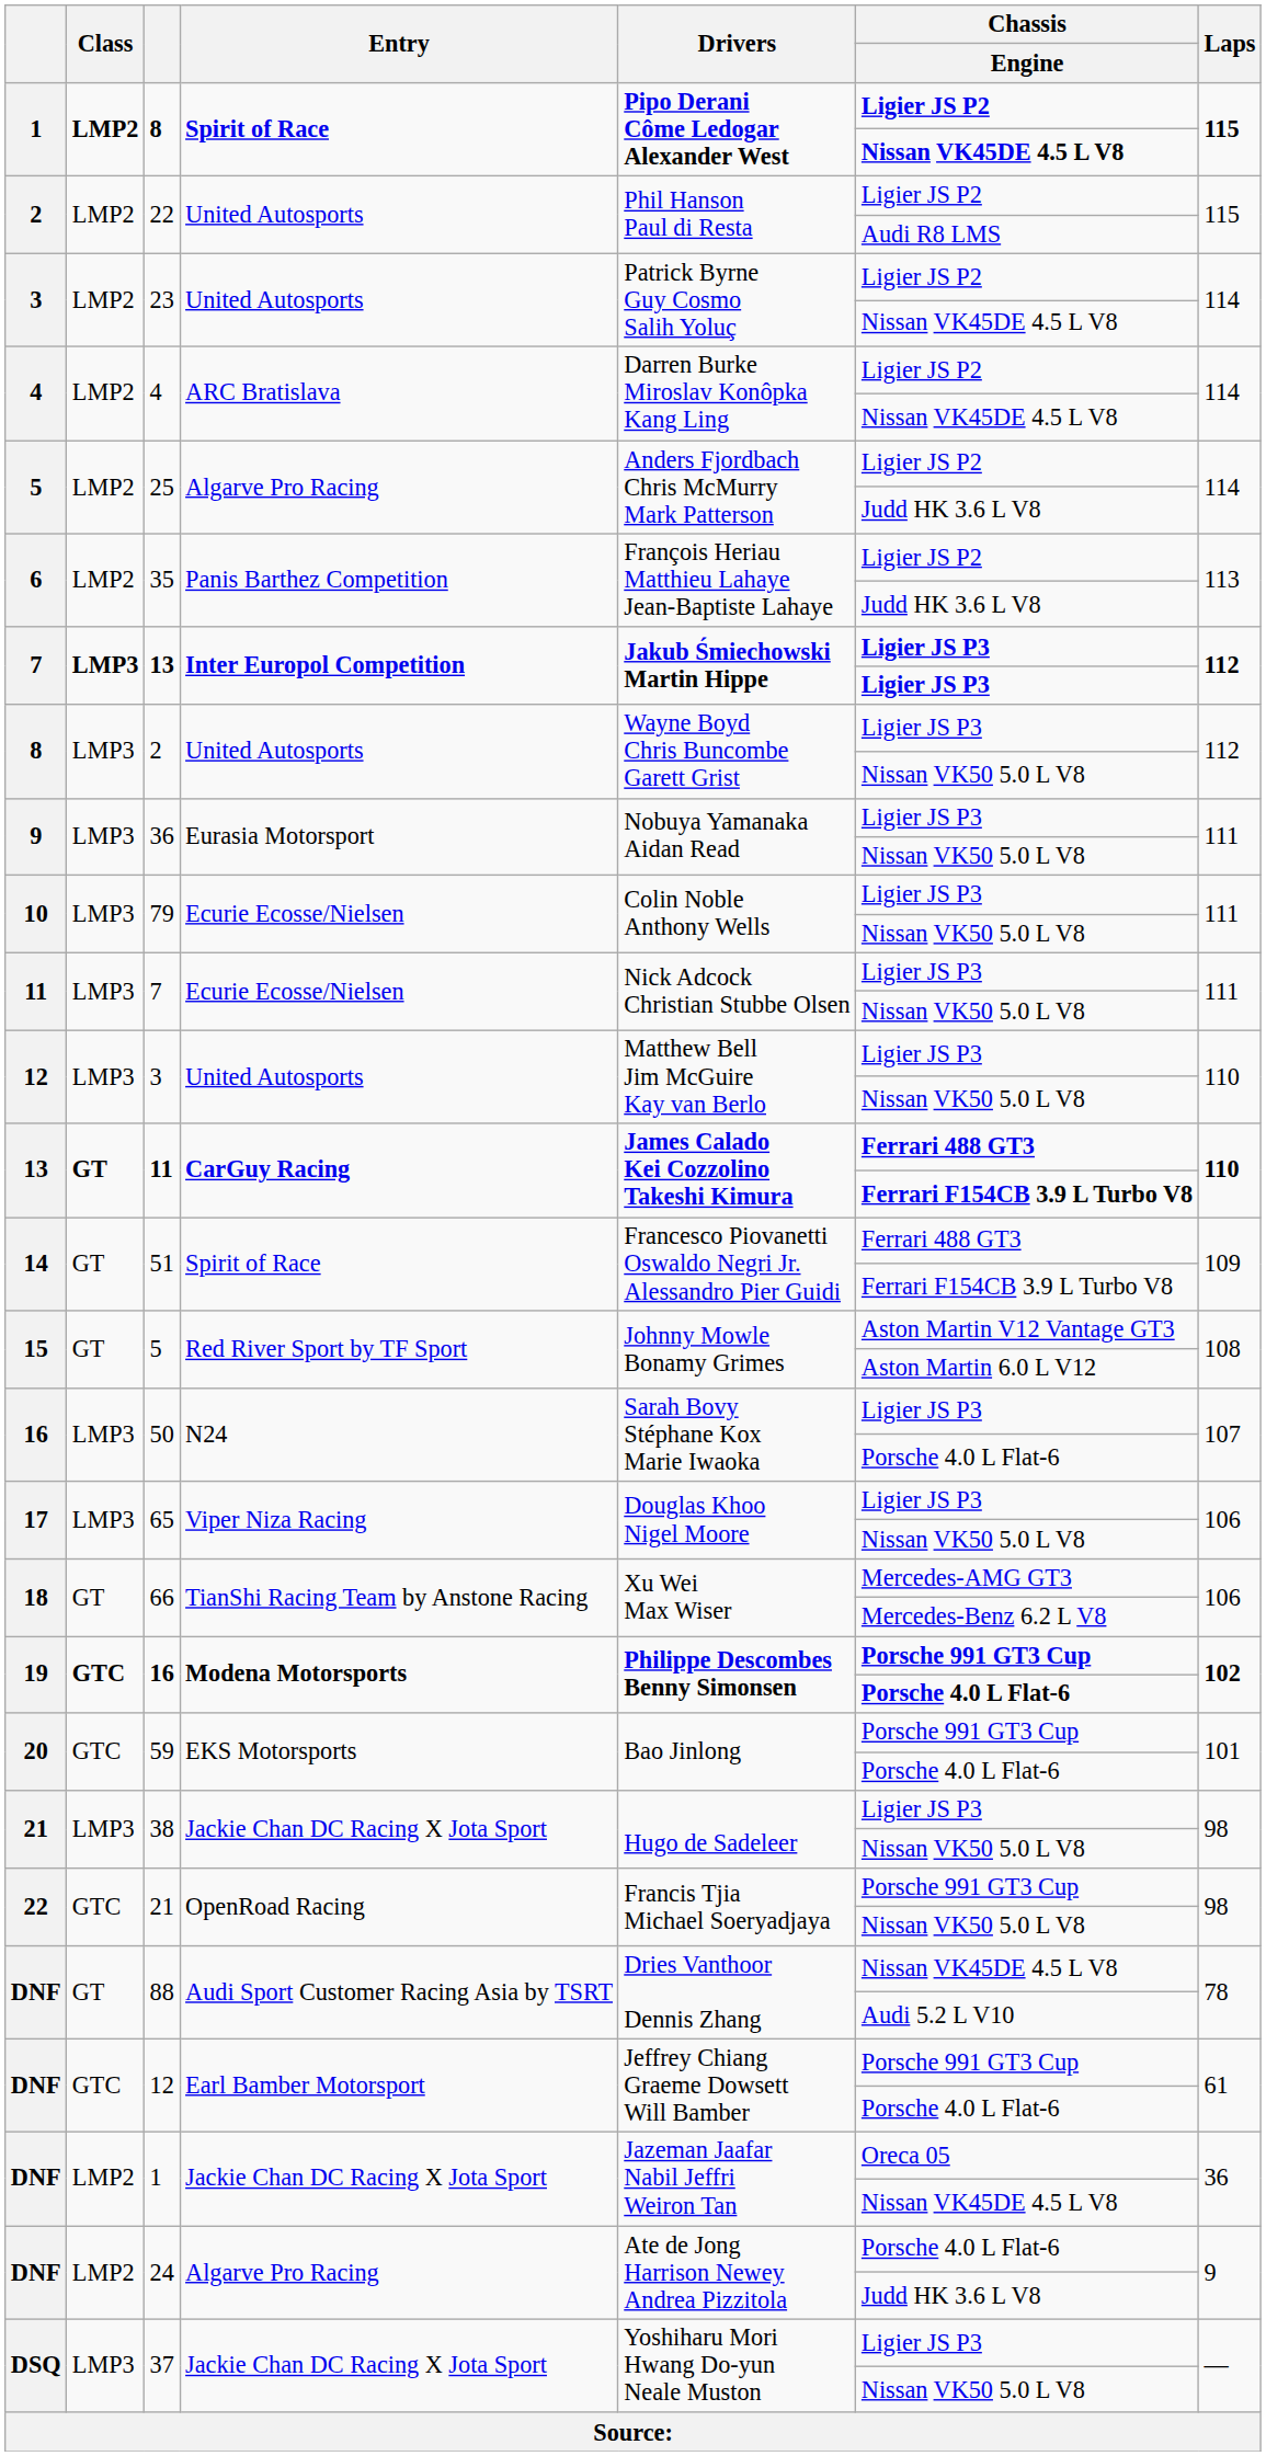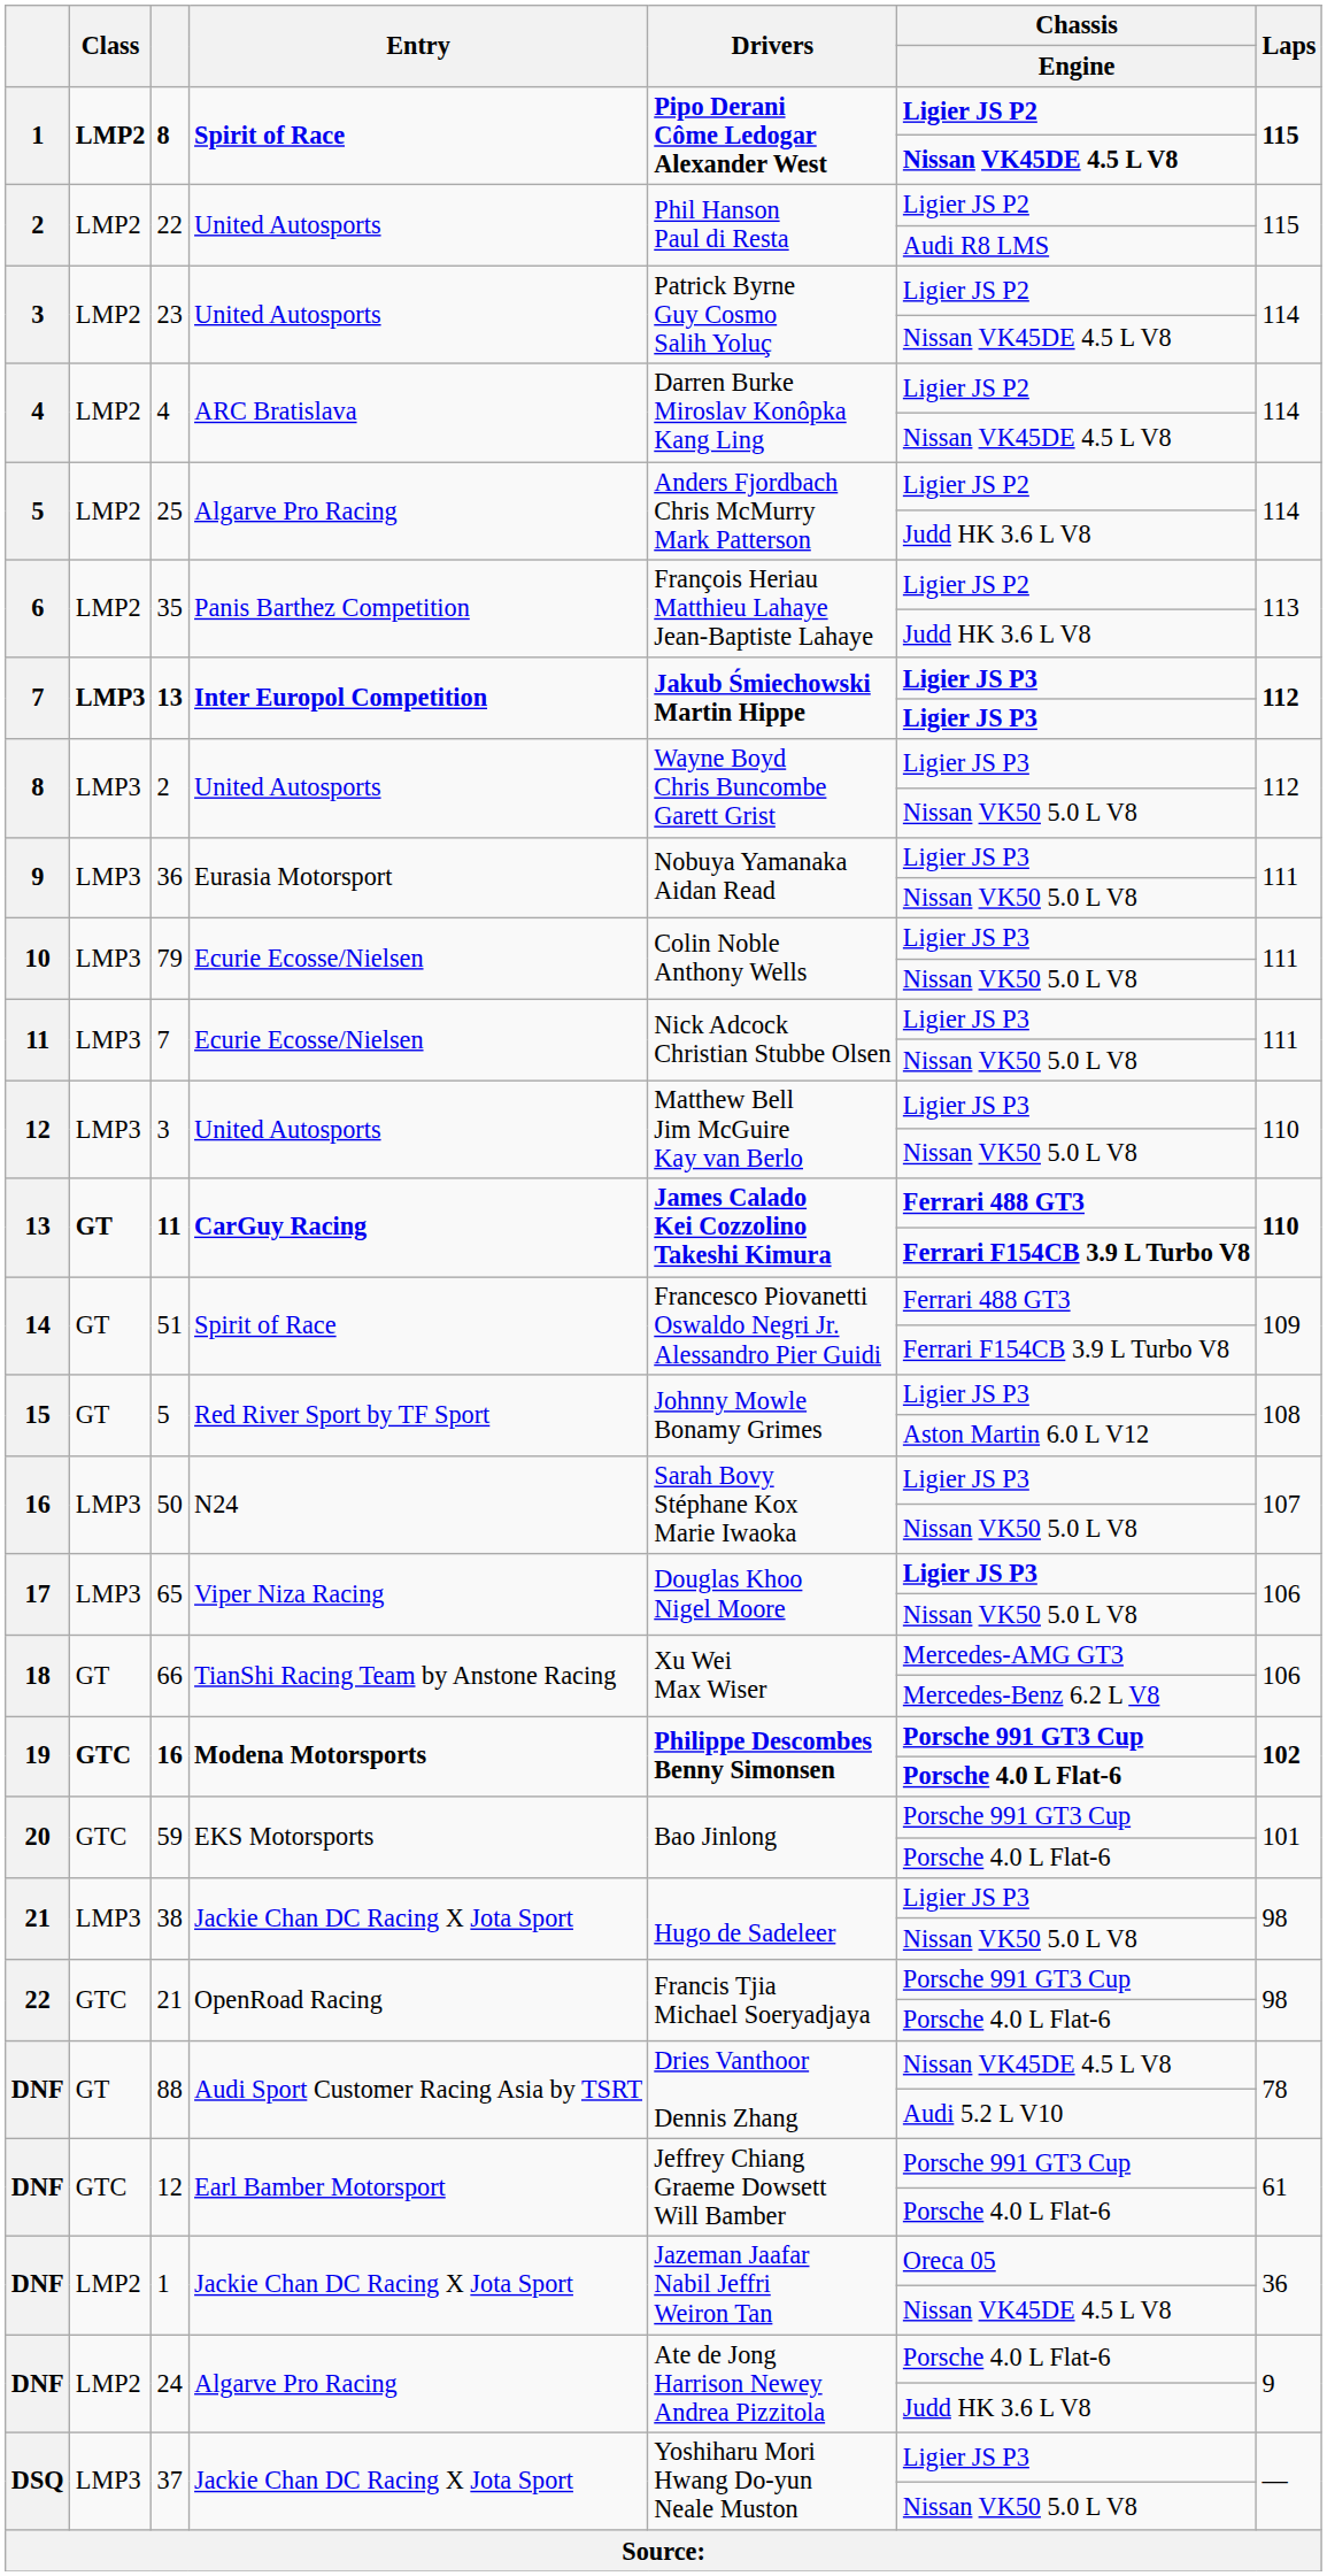 <table class="wikitable">
 <tr>
 <th rowspan="2"></th>
 <th rowspan="2">Class</th>
 <th rowspan="2"></th>
 <th rowspan="2">Entry</th>
 <th rowspan="2">Drivers</th>
 <th>Chassis</th>
 <th rowspan="2">Laps</th>
 </tr>
 <tr>
 <th>Engine</th>
 </tr>
 <tr>
 <th rowspan="2">1</th>
 <td rowspan="2"><strong>LMP2</strong></td>
 <td rowspan="2"><strong>8</strong></td>
 <td rowspan="2"><strong> <a href='#'>Spirit of Race</a></strong></td>
 <td rowspan="2"><strong> <a href='#'>Pipo Derani</a><br> <a href='#'>Côme Ledogar</a><br> Alexander West</strong></td>
 <td><strong><a href='#'>Ligier JS P2</a></strong></td>
 <td rowspan="2"><strong>115</strong></td>
 </tr>
 <tr>
 <td><strong><a href='#'>Nissan</a> <a href='#'>VK45DE</a> 4.5 L V8</strong></td>
 </tr>
 <tr>
 <th rowspan="2">2</th>
 <td rowspan="2">LMP2</td>
 <td rowspan="2">22</td>
 <td rowspan="2"> <a href='#'>United Autosports</a></td>
 <td rowspan="2"> <a href='#'>Phil Hanson</a><br> <a href='#'>Paul di Resta</a></td>
 <td><a href='#'>Ligier JS P2</a></td>
 <td rowspan="2">115</td>
 </tr>
 <tr>
 <td><a href='#'>Audi R8 LMS</a></td>
 </tr>
 <tr>
 <th rowspan="2">3</th>
 <td rowspan="2">LMP2</td>
 <td rowspan="2">23</td>
 <td rowspan="2"> <a href='#'>United Autosports</a></td>
 <td rowspan="2"> Patrick Byrne<br> <a href='#'>Guy Cosmo</a><br> <a href='#'>Salih Yoluç</a></td>
 <td><a href='#'>Ligier JS P2</a></td>
 <td rowspan="2">114</td>
 </tr>
 <tr>
 <td><a href='#'>Nissan</a> <a href='#'>VK45DE</a> 4.5 L V8</td>
 </tr>
 <tr>
 <th rowspan="2">4</th>
 <td rowspan="2">LMP2</td>
 <td rowspan="2">4</td>
 <td rowspan="2"> <a href='#'>ARC Bratislava</a></td>
 <td rowspan="2"> Darren Burke<br> <a href='#'>Miroslav Konôpka</a><br> <a href='#'>Kang Ling</a></td>
 <td><a href='#'>Ligier JS P2</a></td>
 <td rowspan="2">114</td>
 </tr>
 <tr>
 <td><a href='#'>Nissan</a> <a href='#'>VK45DE</a> 4.5 L V8</td>
 </tr>
 <tr>
 <th rowspan="2">5</th>
 <td rowspan="2">LMP2</td>
 <td rowspan="2">25</td>
 <td rowspan="2"> <a href='#'>Algarve Pro Racing</a></td>
 <td rowspan="2"> <a href='#'>Anders Fjordbach</a><br> Chris McMurry<br> <a href='#'>Mark Patterson</a></td>
 <td><a href='#'>Ligier JS P2</a></td>
 <td rowspan="2">114</td>
 </tr>
 <tr>
 <td><a href='#'>Judd</a> HK 3.6 L V8</td>
 </tr>
 <tr>
 <th rowspan="2">6</th>
 <td rowspan="2">LMP2</td>
 <td rowspan="2">35</td>
 <td rowspan="2"> <a href='#'>Panis Barthez Competition</a></td>
 <td rowspan="2"> François Heriau<br> <a href='#'>Matthieu Lahaye</a><br> Jean-Baptiste Lahaye</td>
 <td><a href='#'>Ligier JS P2</a></td>
 <td rowspan="2">113</td>
 </tr>
 <tr>
 <td><a href='#'>Judd</a> HK 3.6 L V8</td>
 </tr>
 <tr>
 <th rowspan="2">7</th>
 <td rowspan="2"><strong>LMP3</strong></td>
 <td rowspan="2"><strong>13</strong></td>
 <td rowspan="2"><strong> <a href='#'>Inter Europol Competition</a></strong></td>
 <td rowspan="2"><strong> <a href='#'>Jakub Śmiechowski</a><br> Martin Hippe</strong></td>
 <td><strong><a href='#'>Ligier JS P3</a></strong></td>
 <td rowspan="2"><strong>112</strong></td>
 </tr>
 <tr>
 <td><strong><a href='#'>Ligier JS P3</a></strong></td>
 </tr>
 <tr>
 <th rowspan="2">8</th>
 <td rowspan="2">LMP3</td>
 <td rowspan="2">2</td>
 <td rowspan="2"> <a href='#'>United Autosports</a></td>
 <td rowspan="2"> <a href='#'>Wayne Boyd</a><br> <a href='#'>Chris Buncombe</a><br> <a href='#'>Garett Grist</a></td>
 <td><a href='#'>Ligier JS P3</a></td>
 <td rowspan="2">112</td>
 </tr>
 <tr>
 <td><a href='#'>Nissan</a> <a href='#'>VK50</a> 5.0 L V8</td>
 </tr>
 <tr>
 <th rowspan="2">9</th>
 <td rowspan="2">LMP3</td>
 <td rowspan="2">36</td>
 <td rowspan="2"> Eurasia Motorsport</td>
 <td rowspan="2"> Nobuya Yamanaka<br> Aidan Read</td>
 <td><a href='#'>Ligier JS P3</a></td>
 <td rowspan="2">111</td>
 </tr>
 <tr>
 <td><a href='#'>Nissan</a> <a href='#'>VK50</a> 5.0 L V8</td>
 </tr>
 <tr>
 <th rowspan="2">10</th>
 <td rowspan="2">LMP3</td>
 <td rowspan="2">79</td>
 <td rowspan="2"> <a href='#'>Ecurie Ecosse/Nielsen</a></td>
 <td rowspan="2"> Colin Noble<br> Anthony Wells</td>
 <td><a href='#'>Ligier JS P3</a></td>
 <td rowspan="2">111</td>
 </tr>
 <tr>
 <td><a href='#'>Nissan</a> <a href='#'>VK50</a> 5.0 L V8</td>
 </tr>
 <tr>
 <th rowspan="2">11</th>
 <td rowspan="2">LMP3</td>
 <td rowspan="2">7</td>
 <td rowspan="2"> <a href='#'>Ecurie Ecosse/Nielsen</a></td>
 <td rowspan="2"> Nick Adcock<br> Christian Stubbe Olsen</td>
 <td><a href='#'>Ligier JS P3</a></td>
 <td rowspan="2">111</td>
 </tr>
 <tr>
 <td><a href='#'>Nissan</a> <a href='#'>VK50</a> 5.0 L V8</td>
 </tr>
 <tr>
 <th rowspan="2">12</th>
 <td rowspan="2">LMP3</td>
 <td rowspan="2">3</td>
 <td rowspan="2"> <a href='#'>United Autosports</a></td>
 <td rowspan="2"> Matthew Bell<br> Jim McGuire<br> <a href='#'>Kay van Berlo</a></td>
 <td><a href='#'>Ligier JS P3</a></td>
 <td rowspan="2">110</td>
 </tr>
 <tr>
 <td><a href='#'>Nissan</a> <a href='#'>VK50</a> 5.0 L V8</td>
 </tr>
 <tr>
 <th rowspan="2">13</th>
 <td rowspan="2"><strong>GT</strong></td>
 <td rowspan="2"><strong>11</strong></td>
 <td rowspan="2"><strong> <a href='#'>CarGuy Racing</a></strong></td>
 <td rowspan="2"><strong> <a href='#'>James Calado</a><br> <a href='#'>Kei Cozzolino</a><br> <a href='#'>Takeshi Kimura</a></strong></td>
 <td><a href='#'><strong>Ferrari 488 GT3</strong></a></td>
 <td rowspan="2"><strong>110</strong></td>
 </tr>
 <tr>
 <td><strong><a href='#'>Ferrari F154CB</a> 3.9 L Turbo V8</strong></td>
 </tr>
 <tr>
 <th rowspan="2">14</th>
 <td rowspan="2">GT</td>
 <td rowspan="2">51</td>
 <td rowspan="2"> <a href='#'>Spirit of Race</a></td>
 <td rowspan="2"> Francesco Piovanetti<br> <a href='#'>Oswaldo Negri Jr.</a><br> <a href='#'>Alessandro Pier Guidi</a></td>
 <td><a href='#'>Ferrari 488 GT3</a></td>
 <td rowspan="2">109</td>
 </tr>
 <tr>
 <td><a href='#'>Ferrari F154CB</a> 3.9 L Turbo V8</td>
 </tr>
 <tr>
 <th rowspan="2">15</th>
 <td rowspan="2">GT</td>
 <td rowspan="2">5</td>
 <td rowspan="2"> <a href='#'>Red River Sport by TF Sport</a></td>
 <td rowspan="2"> <a href='#'>Johnny Mowle</a><br> Bonamy Grimes</td>
-<td><a href='#'>Aston Martin V12 Vantage GT3</a></td>
+<td><a href='#'>Ligier JS P3</a></td>
 <td rowspan="2">108</td>
 </tr>
 <tr>
 <td><a href='#'>Aston Martin</a> 6.0 L V12</td>
 </tr>
 <tr>
 <th rowspan="2">16</th>
 <td rowspan="2">LMP3</td>
 <td rowspan="2">50</td>
 <td rowspan="2"> N24</td>
 <td rowspan="2"> <a href='#'>Sarah Bovy</a><br> Stéphane Kox<br> Marie Iwaoka</td>
 <td><a href='#'>Ligier JS P3</a></td>
 <td rowspan="2">107</td>
 </tr>
 <tr>
-<td><a href='#'>Porsche</a> 4.0 L Flat-6</td>
+<td><a href='#'>Nissan</a> <a href='#'>VK50</a> 5.0 L V8</td>
 </tr>
 <tr>
 <th rowspan="2">17</th>
 <td rowspan="2">LMP3</td>
 <td rowspan="2">65</td>
 <td rowspan="2"> <a href='#'>Viper Niza Racing</a></td>
 <td rowspan="2"> <a href='#'>Douglas Khoo</a><br> <a href='#'>Nigel Moore</a></td>
-<td><a href='#'>Ligier JS P3</a></td>
+<td><strong><a href='#'>Ligier JS P3</a></strong></td>
 <td rowspan="2">106</td>
 </tr>
 <tr>
 <td><a href='#'>Nissan</a> <a href='#'>VK50</a> 5.0 L V8</td>
 </tr>
 <tr>
 <th rowspan="2">18</th>
 <td rowspan="2">GT</td>
 <td rowspan="2">66</td>
 <td rowspan="2"> <a href='#'>TianShi Racing Team</a> by Anstone Racing</td>
 <td rowspan="2"> Xu Wei<br> Max Wiser</td>
 <td><a href='#'>Mercedes-AMG GT3</a></td>
 <td rowspan="2">106</td>
 </tr>
 <tr>
 <td><a href='#'>Mercedes-Benz</a> 6.2 L <a href='#'>V8</a></td>
 </tr>
 <tr>
 <th rowspan="2">19</th>
 <td rowspan="2"><strong>GTC</strong></td>
 <td rowspan="2"><strong>16</strong></td>
 <td rowspan="2"><strong> Modena Motorsports</strong></td>
 <td rowspan="2"><strong> <a href='#'>Philippe Descombes</a><br> Benny Simonsen</strong></td>
 <td><a href='#'><strong>Porsche 991 GT3 Cup</strong></a></td>
 <td rowspan="2"><strong>102</strong></td>
 </tr>
 <tr>
 <td><strong><a href='#'>Porsche</a> 4.0 L Flat-6</strong></td>
 </tr>
 <tr>
 <th rowspan="2">20</th>
 <td rowspan="2">GTC</td>
 <td rowspan="2">59</td>
 <td rowspan="2"> EKS Motorsports</td>
 <td rowspan="2"> Bao Jinlong<br> </td>
 <td><a href='#'>Porsche 991 GT3 Cup</a></td>
 <td rowspan="2">101</td>
 </tr>
 <tr>
 <td><a href='#'>Porsche</a> 4.0 L Flat-6</td>
 </tr>
 <tr>
 <th rowspan="2">21</th>
 <td rowspan="2">LMP3</td>
 <td rowspan="2">38</td>
 <td rowspan="2"> <a href='#'>Jackie Chan DC Racing</a> X <a href='#'>Jota Sport</a></td>
 <td rowspan="2"> <br> <a href='#'>Hugo de Sadeleer</a></td>
 <td><a href='#'>Ligier JS P3</a></td>
 <td rowspan="2">98</td>
 </tr>
 <tr>
 <td><a href='#'>Nissan</a> <a href='#'>VK50</a> 5.0 L V8</td>
 </tr>
 <tr>
 <th rowspan="2">22</th>
 <td rowspan="2">GTC</td>
 <td rowspan="2">21</td>
 <td rowspan="2"> OpenRoad Racing</td>
 <td rowspan="2"> Francis Tjia<br> Michael Soeryadjaya</td>
 <td><a href='#'>Porsche 991 GT3 Cup</a></td>
 <td rowspan="2">98</td>
 </tr>
 <tr>
-<td><a href='#'>Nissan</a> <a href='#'>VK50</a> 5.0 L V8</td>
+<td><a href='#'>Porsche</a> 4.0 L Flat-6</td>
 </tr>
 <tr>
 <th rowspan="2">DNF</th>
 <td rowspan="2">GT</td>
 <td rowspan="2">88</td>
 <td rowspan="2"> <a href='#'>Audi Sport</a> Customer Racing Asia by <a href='#'>TSRT</a></td>
 <td rowspan="2"> <a href='#'>Dries Vanthoor</a><br> <br> Dennis Zhang</td>
 <td><a href='#'>Nissan</a> <a href='#'>VK45DE</a> 4.5 L V8</td>
 <td rowspan="2">78</td>
 </tr>
 <tr>
 <td><a href='#'>Audi</a> 5.2 L V10</td>
 </tr>
 <tr>
 <th rowspan="2">DNF</th>
 <td rowspan="2">GTC</td>
 <td rowspan="2">12</td>
 <td rowspan="2"> <a href='#'>Earl Bamber Motorsport</a></td>
 <td rowspan="2"> Jeffrey Chiang<br> Graeme Dowsett<br> Will Bamber</td>
 <td><a href='#'>Porsche 991 GT3 Cup</a></td>
 <td rowspan="2">61</td>
 </tr>
 <tr>
 <td><a href='#'>Porsche</a> 4.0 L Flat-6</td>
 </tr>
 <tr>
 <th rowspan="2">DNF</th>
 <td rowspan="2">LMP2</td>
 <td rowspan="2">1</td>
 <td rowspan="2"> <a href='#'>Jackie Chan DC Racing</a> X <a href='#'>Jota Sport</a></td>
 <td rowspan="2"> <a href='#'>Jazeman Jaafar</a><br> <a href='#'>Nabil Jeffri</a><br> <a href='#'>Weiron Tan</a></td>
 <td><a href='#'>Oreca 05</a></td>
 <td rowspan="2">36</td>
 </tr>
 <tr>
 <td><a href='#'>Nissan</a> <a href='#'>VK45DE</a> 4.5 L V8</td>
 </tr>
 <tr>
 <th rowspan="2">DNF</th>
 <td rowspan="2">LMP2</td>
 <td rowspan="2">24</td>
 <td rowspan="2"> <a href='#'>Algarve Pro Racing</a></td>
 <td rowspan="2"> Ate de Jong<br> <a href='#'>Harrison Newey</a><br> <a href='#'>Andrea Pizzitola</a></td>
 <td><a href='#'>Porsche</a> 4.0 L Flat-6</td>
 <td rowspan="2">9</td>
 </tr>
 <tr>
 <td><a href='#'>Judd</a> HK 3.6 L V8</td>
 </tr>
 <tr>
 <th rowspan="2">DSQ</th>
 <td rowspan="2">LMP3</td>
 <td rowspan="2">37</td>
 <td rowspan="2"> <a href='#'>Jackie Chan DC Racing</a> X <a href='#'>Jota Sport</a></td>
 <td rowspan="2"> Yoshiharu Mori<br> Hwang Do-yun<br> Neale Muston</td>
 <td><a href='#'>Ligier JS P3</a></td>
 <td rowspan="2">—</td>
 </tr>
 <tr>
 <td><a href='#'>Nissan</a> <a href='#'>VK50</a> 5.0 L V8</td>
 </tr>
 <tr>
 <th colspan="7">Source:</th>
 </tr>
 </table>
